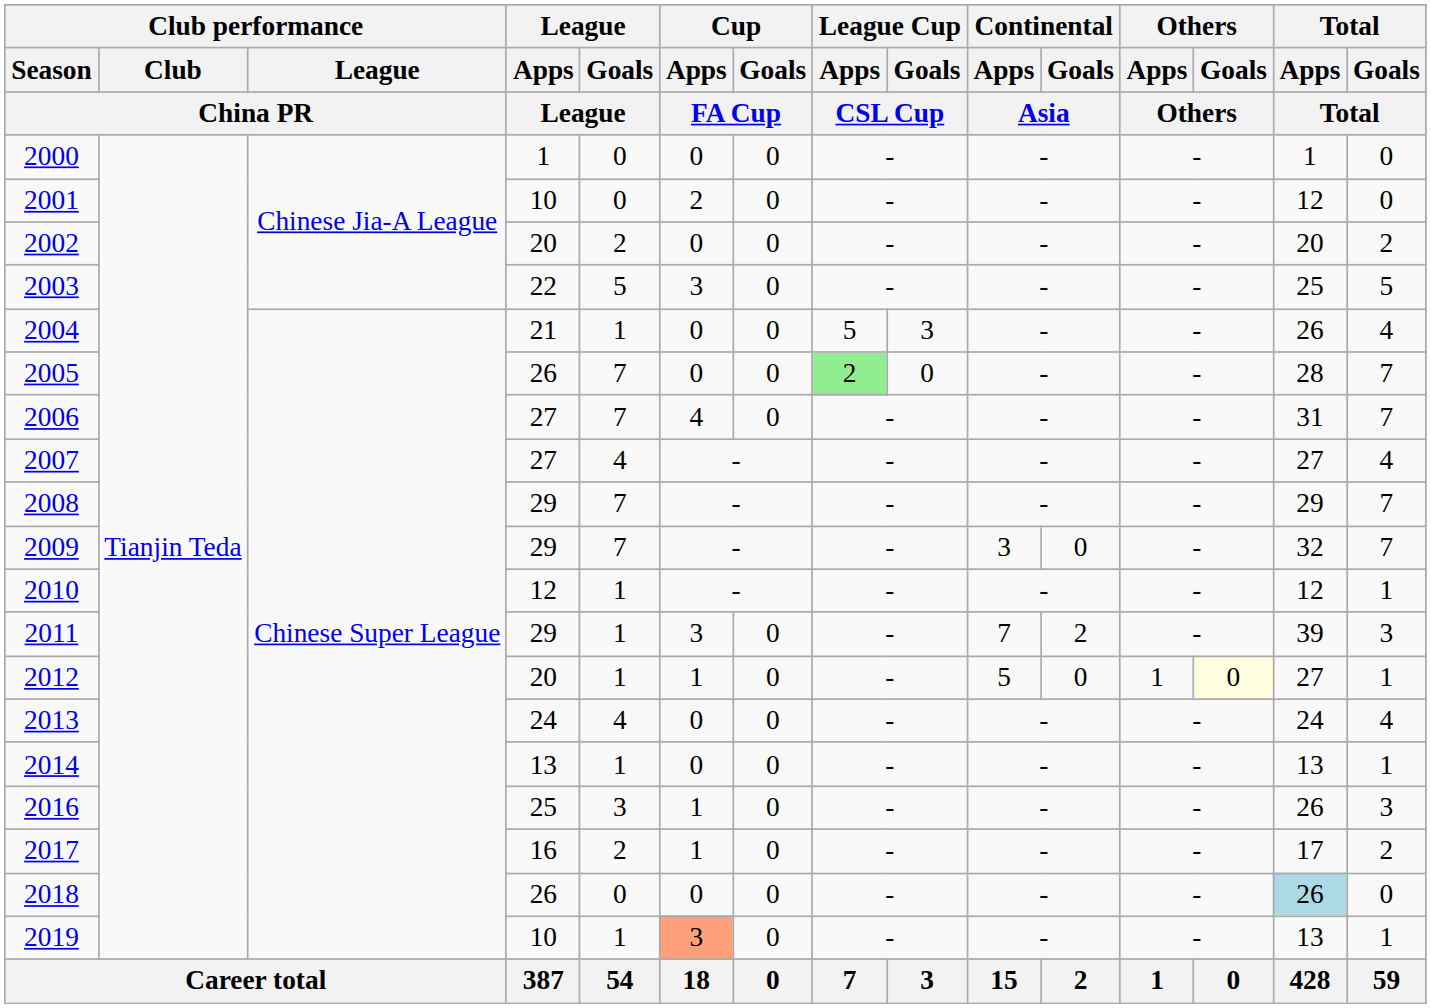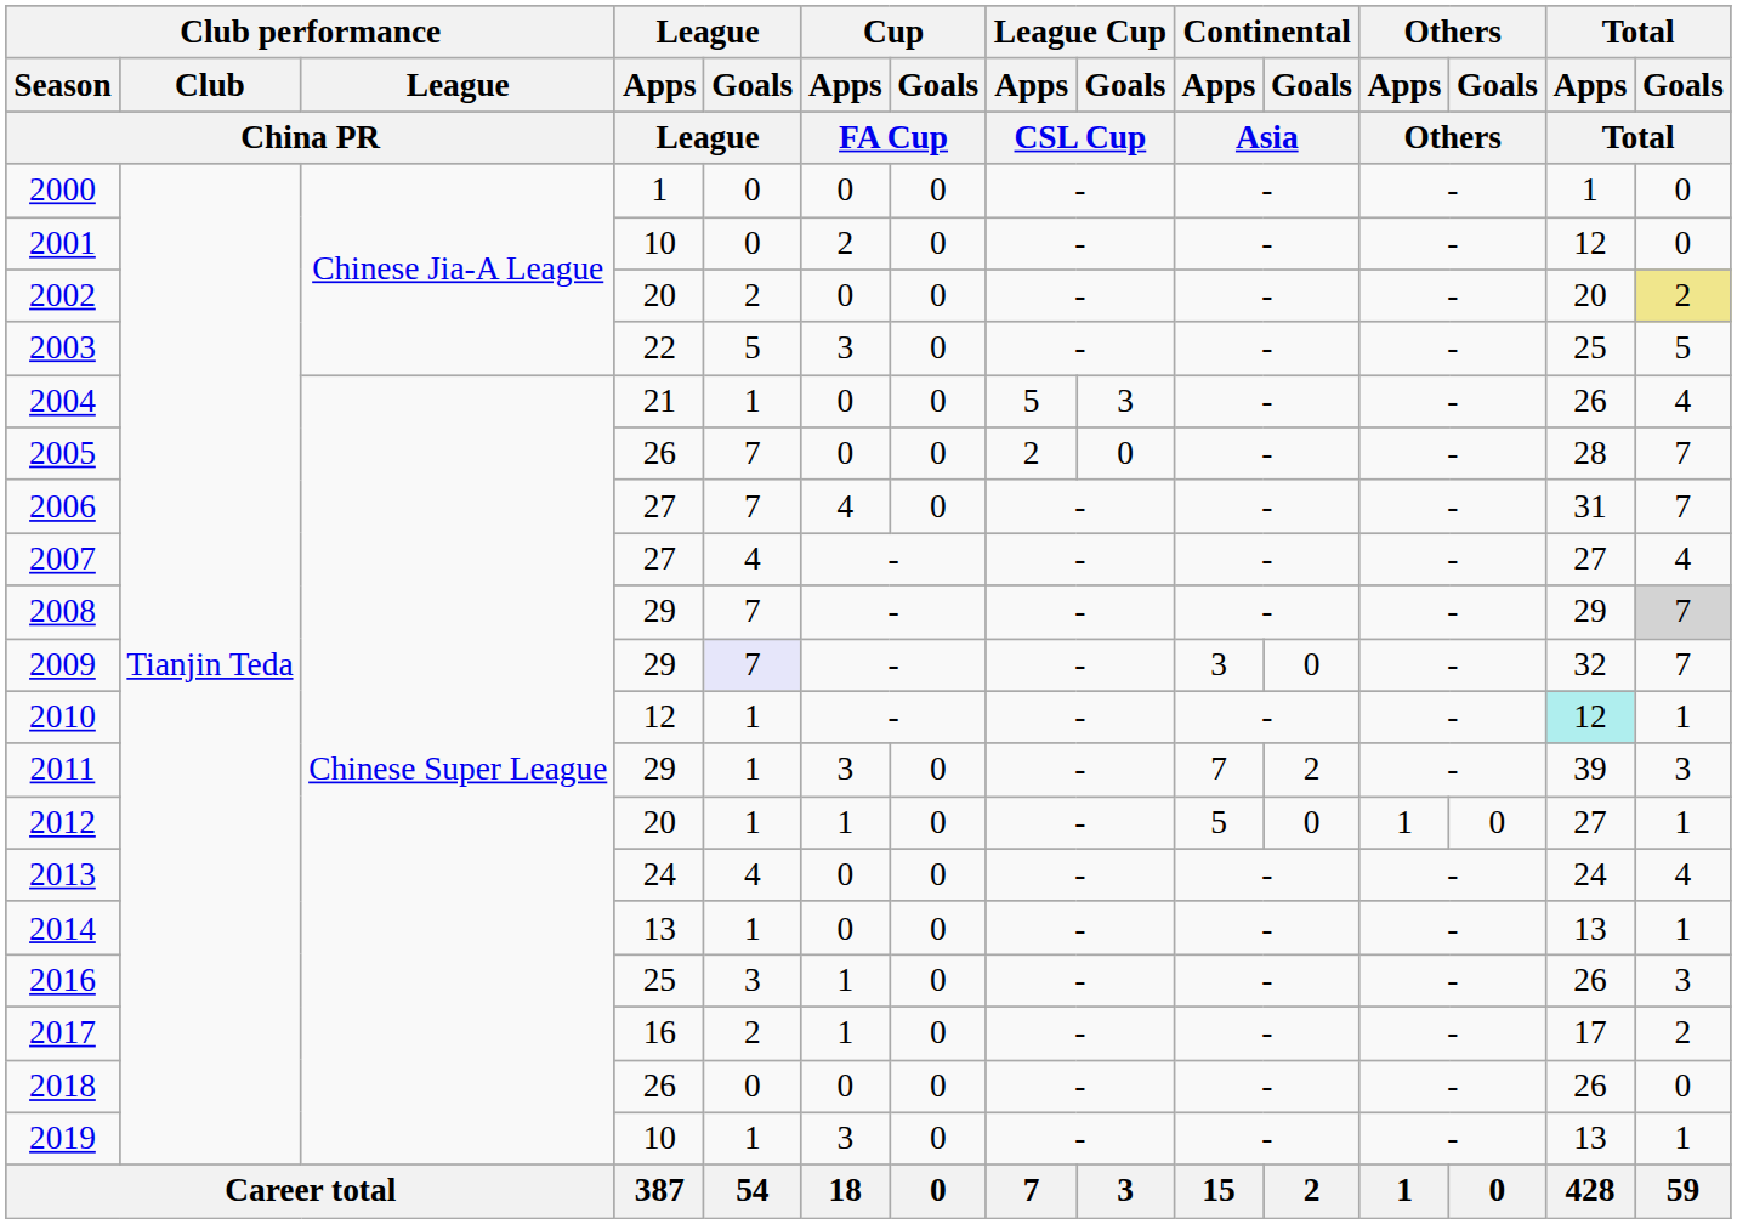 <table class="wikitable" style="text-align:center">
 <tr>
 <th colspan=3>Club performance</th>
 <th colspan=2>League</th>
 <th colspan=2>Cup</th>
 <th colspan=2>League Cup</th>
 <th colspan=2>Continental</th>
 <th colspan=2>Others</th>
 <th colspan=2>Total</th>
 </tr>
 <tr>
 <th>Season</th>
 <th>Club</th>
 <th>League</th>
 <th>Apps</th>
 <th>Goals</th>
 <th>Apps</th>
 <th>Goals</th>
 <th>Apps</th>
 <th>Goals</th>
 <th>Apps</th>
 <th>Goals</th>
 <th>Apps</th>
 <th>Goals</th>
 <th>Apps</th>
 <th>Goals</th>
 </tr>
 <tr>
 <th colspan=3>China PR</th>
 <th colspan=2>League</th>
 <th colspan=2><a href='#'>FA Cup</a></th>
 <th colspan=2><a href='#'>CSL Cup</a></th>
 <th colspan=2><a href='#'>Asia</a></th>
 <th colspan=2>Others</th>
 <th colspan=2>Total</th>
 </tr>
 <tr>
 <td><a href='#'>2000</a></td>
 <td rowspan="19"><a href='#'>Tianjin Teda</a></td>
 <td rowspan="4"><a href='#'>Chinese Jia-A League</a></td>
 <td>1</td>
 <td>0</td>
 <td>0</td>
 <td>0</td>
 <td colspan="2">-</td>
 <td colspan="2">-</td>
 <td colspan="2">-</td>
 <td>1</td>
 <td>0</td>
 </tr>
 <tr>
 <td><a href='#'>2001</a></td>
 <td>10</td>
 <td>0</td>
 <td>2</td>
 <td>0</td>
 <td colspan="2">-</td>
 <td colspan="2">-</td>
 <td colspan="2">-</td>
 <td>12</td>
 <td>0</td>
 </tr>
 <tr>
 <td><a href='#'>2002</a></td>
 <td>20</td>
 <td>2</td>
 <td>0</td>
 <td>0</td>
 <td colspan="2">-</td>
 <td colspan="2">-</td>
 <td colspan="2">-</td>
 <td>20</td>
-<td>2</td>
+<td style="background: khaki;">2</td>
 </tr>
 <tr>
 <td><a href='#'>2003</a></td>
 <td>22</td>
 <td>5</td>
 <td>3</td>
 <td>0</td>
 <td colspan="2">-</td>
 <td colspan="2">-</td>
 <td colspan="2">-</td>
 <td>25</td>
 <td>5</td>
 </tr>
 <tr>
 <td><a href='#'>2004</a></td>
 <td rowspan="15"><a href='#'>Chinese Super League</a></td>
 <td>21</td>
 <td>1</td>
 <td>0</td>
 <td>0</td>
 <td>5</td>
 <td>3</td>
 <td colspan="2">-</td>
 <td colspan="2">-</td>
 <td>26</td>
 <td>4</td>
 </tr>
 <tr>
 <td><a href='#'>2005</a></td>
 <td>26</td>
 <td>7</td>
 <td>0</td>
 <td>0</td>
-<td style="background: lightgreen;">2</td>
+<td>2</td>
 <td>0</td>
 <td colspan="2">-</td>
 <td colspan="2">-</td>
 <td>28</td>
 <td>7</td>
 </tr>
 <tr>
 <td><a href='#'>2006</a></td>
 <td>27</td>
 <td>7</td>
 <td>4</td>
 <td>0</td>
 <td colspan="2">-</td>
 <td colspan="2">-</td>
 <td colspan="2">-</td>
 <td>31</td>
 <td>7</td>
 </tr>
 <tr>
 <td><a href='#'>2007</a></td>
 <td>27</td>
 <td>4</td>
 <td colspan="2">-</td>
 <td colspan="2">-</td>
 <td colspan="2">-</td>
 <td colspan="2">-</td>
 <td>27</td>
 <td>4</td>
 </tr>
 <tr>
 <td><a href='#'>2008</a></td>
 <td>29</td>
 <td>7</td>
 <td colspan="2">-</td>
 <td colspan="2">-</td>
 <td colspan="2">-</td>
 <td colspan="2">-</td>
 <td>29</td>
-<td>7</td>
+<td style="background: lightgrey;">7</td>
 </tr>
 <tr>
 <td><a href='#'>2009</a></td>
 <td>29</td>
-<td>7</td>
+<td style="background: lavender;">7</td>
 <td colspan="2">-</td>
 <td colspan="2">-</td>
 <td>3</td>
 <td>0</td>
 <td colspan="2">-</td>
 <td>32</td>
 <td>7</td>
 </tr>
 <tr>
 <td><a href='#'>2010</a></td>
 <td>12</td>
 <td>1</td>
 <td colspan="2">-</td>
 <td colspan="2">-</td>
 <td colspan="2">-</td>
 <td colspan="2">-</td>
-<td>12</td>
+<td style="background: paleturquoise;">12</td>
 <td>1</td>
 </tr>
 <tr>
 <td><a href='#'>2011</a></td>
 <td>29</td>
 <td>1</td>
 <td>3</td>
 <td>0</td>
 <td colspan="2">-</td>
 <td>7</td>
 <td>2</td>
 <td colspan="2">-</td>
 <td>39</td>
 <td>3</td>
 </tr>
 <tr>
 <td><a href='#'>2012</a></td>
 <td>20</td>
 <td>1</td>
 <td>1</td>
 <td>0</td>
 <td colspan="2">-</td>
 <td>5</td>
 <td>0</td>
 <td>1</td>
-<td style="background: lightyellow;">0</td>
+<td>0</td>
 <td>27</td>
 <td>1</td>
 </tr>
 <tr>
 <td><a href='#'>2013</a></td>
 <td>24</td>
 <td>4</td>
 <td>0</td>
 <td>0</td>
 <td colspan="2">-</td>
 <td colspan="2">-</td>
 <td colspan="2">-</td>
 <td>24</td>
 <td>4</td>
 </tr>
 <tr>
 <td><a href='#'>2014</a></td>
 <td>13</td>
 <td>1</td>
 <td>0</td>
 <td>0</td>
 <td colspan="2">-</td>
 <td colspan="2">-</td>
 <td colspan="2">-</td>
 <td>13</td>
 <td>1</td>
 </tr>
 <tr>
 <td><a href='#'>2016</a></td>
 <td>25</td>
 <td>3</td>
 <td>1</td>
 <td>0</td>
 <td colspan="2">-</td>
 <td colspan="2">-</td>
 <td colspan="2">-</td>
 <td>26</td>
 <td>3</td>
 </tr>
 <tr>
 <td><a href='#'>2017</a></td>
 <td>16</td>
 <td>2</td>
 <td>1</td>
 <td>0</td>
 <td colspan="2">-</td>
 <td colspan="2">-</td>
 <td colspan="2">-</td>
 <td>17</td>
 <td>2</td>
 </tr>
 <tr>
 <td><a href='#'>2018</a></td>
 <td>26</td>
 <td>0</td>
 <td>0</td>
 <td>0</td>
 <td colspan="2">-</td>
 <td colspan="2">-</td>
 <td colspan="2">-</td>
-<td style="background: lightblue;">26</td>
+<td>26</td>
 <td>0</td>
 </tr>
 <tr>
 <td><a href='#'>2019</a></td>
 <td>10</td>
 <td>1</td>
-<td style="background: lightsalmon;">3</td>
+<td>3</td>
 <td>0</td>
 <td colspan="2">-</td>
 <td colspan="2">-</td>
 <td colspan="2">-</td>
 <td>13</td>
 <td>1</td>
 </tr>
 <tr>
 <th colspan=3>Career total</th>
 <th>387</th>
 <th>54</th>
 <th>18</th>
 <th>0</th>
 <th>7</th>
 <th>3</th>
 <th>15</th>
 <th>2</th>
 <th>1</th>
 <th>0</th>
 <th>428</th>
 <th>59</th>
 </tr>
 </table>
